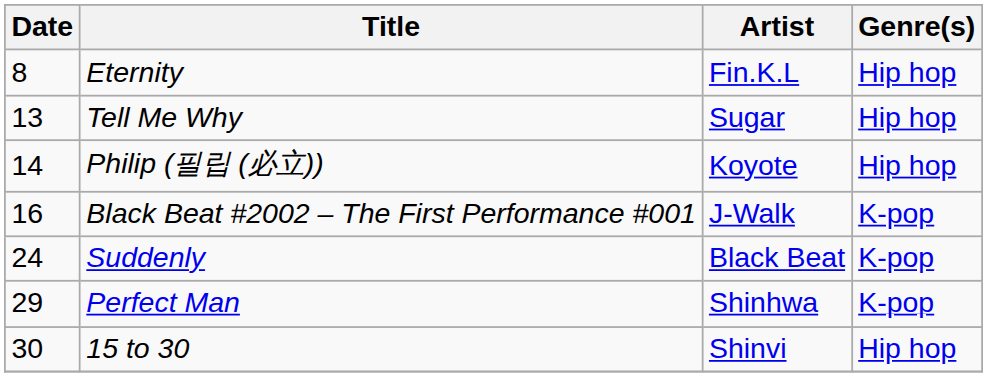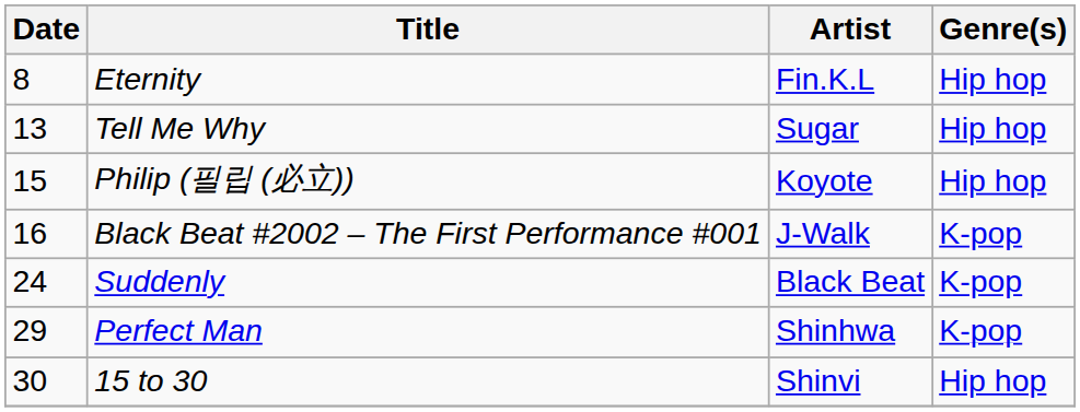 <table class="wikitable" style="text-align: left;">
 <tr>
 <th>Date</th>
 <th>Title</th>
 <th>Artist</th>
 <th>Genre(s)</th>
 </tr>
 <tr>
 <td rowspan="1">8</td>
 <td><em>Eternity</em></td>
 <td><a href='#'>Fin.K.L</a></td>
 <td><a href='#'>Hip hop</a></td>
 </tr>
 <tr>
 <td>13</td>
 <td><em>Tell Me Why</em></td>
 <td><a href='#'>Sugar</a></td>
 <td><a href='#'>Hip hop</a></td>
 </tr>
 <tr>
-<td>14</td>
+<td>15</td>
 <td><em>Philip (필립 (必立))</em></td>
 <td><a href='#'>Koyote</a></td>
 <td><a href='#'>Hip hop</a></td>
 </tr>
 <tr>
 <td rowspan="1">16</td>
 <td><em>Black Beat #2002 – The First Performance #001</em></td>
 <td><a href='#'>J-Walk</a></td>
 <td><a href='#'>K-pop</a></td>
 </tr>
 <tr>
 <td rowspan="1">24</td>
 <td><em><a href='#'>Suddenly</a></em></td>
 <td><a href='#'>Black Beat</a></td>
 <td><a href='#'>K-pop</a></td>
 </tr>
 <tr>
 <td rowspan="1'">29</td>
 <td><em><a href='#'>Perfect Man</a></em></td>
 <td><a href='#'>Shinhwa</a></td>
 <td><a href='#'>K-pop</a></td>
 </tr>
 <tr>
 <td rowspan="1'">30</td>
 <td><em>15 to 30</em></td>
 <td><a href='#'>Shinvi</a></td>
 <td><a href='#'>Hip hop</a></td>
 </tr>
 <tr>
 </tr>
 </table>
